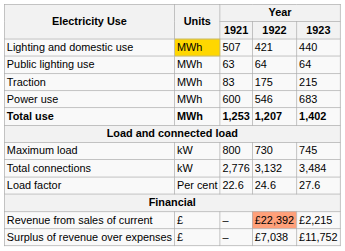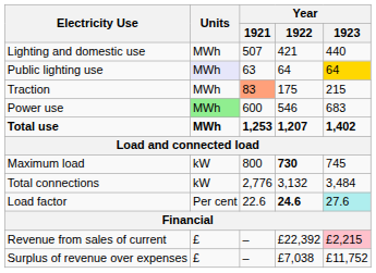 <table class="wikitable">
 <tr>
 <th rowspan="2">Electricity  Use</th>
 <th rowspan="2">Units</th>
 <th colspan="3">Year</th>
 </tr>
 <tr>
 <th>1921</th>
 <th>1922</th>
 <th>1923</th>
 </tr>
 <tr>
 <td>Lighting  and domestic use</td>
-<td style="background: gold;">MWh</td>
+<td>MWh</td>
 <td>507</td>
 <td>421</td>
 <td>440</td>
 </tr>
 <tr>
 <td>Public  lighting use</td>
-<td>MWh</td>
+<td style="background: lavender;">MWh</td>
 <td>63</td>
 <td>64</td>
-<td>64</td>
+<td style="background: gold;">64</td>
 </tr>
 <tr>
 <td>Traction</td>
 <td>MWh</td>
-<td>83</td>
+<td style="background: lightsalmon;">83</td>
 <td>175</td>
 <td>215</td>
 </tr>
 <tr>
 <td>Power  use</td>
-<td>MWh</td>
+<td style="background: lightgreen;">MWh</td>
 <td>600</td>
 <td>546</td>
 <td>683</td>
 </tr>
 <tr>
 <td><strong>Total  use</strong></td>
 <td><strong>MWh</strong></td>
 <td><strong>1,253</strong></td>
 <td><strong>1,207</strong></td>
 <td><strong>1,402</strong></td>
 </tr>
 <tr>
 <th colspan="5">Load  and connected load</th>
 </tr>
 <tr>
 <td>Maximum  load</td>
 <td>kW</td>
 <td>800</td>
-<td>730</td>
+<td><strong>730</strong></td>
 <td>745</td>
 </tr>
 <tr>
 <td>Total  connections</td>
 <td>kW</td>
 <td>2,776</td>
 <td>3,132</td>
 <td>3,484</td>
 </tr>
 <tr>
 <td>Load  factor</td>
 <td>Per  cent</td>
 <td>22.6</td>
-<td>24.6</td>
-<td>27.6</td>
+<td><strong>24.6</strong></td>
+<td style="background: paleturquoise;">27.6</td>
 </tr>
 <tr>
 <th colspan="5">Financial</th>
 </tr>
 <tr>
 <td>Revenue  from sales of current</td>
 <td>£</td>
 <td>–</td>
-<td style="background: lightsalmon;">£22,392</td>
-<td>£2,215</td>
+<td>£22,392</td>
+<td style="background: pink;">£2,215</td>
 </tr>
 <tr>
 <td>Surplus  of revenue over expenses</td>
 <td>£</td>
 <td>–</td>
 <td>£7,038</td>
 <td>£11,752</td>
 </tr>
 </table>
